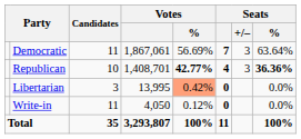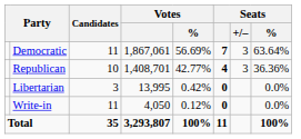 <table class="wikitable" style="font-size:100%; text-align:right;">
 <tr>
 <th colspan="2" rowspan="2">Party</th>
 <th rowspan="2"><small>Candi</small><small>dates</small></th>
 <th colspan="2">Votes</th>
 <th colspan="3">Seats</th>
 </tr>
 <tr>
 <th></th>
 <th>%</th>
 <th></th>
 <th>+/–</th>
 <th>%</th>
 </tr>
 <tr>
 <td style="background:"></td>
 <td align="left"><a href='#'>Democratic</a></td>
 <td>11</td>
 <td>1,867,061</td>
 <td>56.69%</td>
 <td><strong>7</strong></td>
 <td>3</td>
 <td>63.64%</td>
 </tr>
 <tr>
 <td style="background:"></td>
 <td align="left"><a href='#'>Republican</a></td>
 <td>10</td>
 <td>1,408,701</td>
-<td><strong>42.77%</strong></td>
+<td>42.77%</td>
 <td><strong>4</strong></td>
 <td>3</td>
-<td><strong>36.36%</strong></td>
+<td>36.36%</td>
 </tr>
 <tr>
 <td style="background:"></td>
 <td align="left"><a href='#'>Libertarian</a></td>
 <td>3</td>
 <td>13,995</td>
-<td style="background: lightsalmon;">0.42%</td>
+<td>0.42%</td>
 <td><strong>0</strong></td>
 <td></td>
 <td>0.0%</td>
 </tr>
 <tr>
 <td style="background:"></td>
 <td align="left"><a href='#'>Write-in</a></td>
 <td>11</td>
 <td>4,050</td>
 <td>0.12%</td>
 <td><strong>0</strong></td>
 <td></td>
 <td>0.0%</td>
 </tr>
 <tr style="font-weight:bold">
 <td colspan="2" align="left">Total</td>
 <td>35</td>
 <td>3,293,807</td>
 <td>100%</td>
 <td>11</td>
 <td></td>
 <td>100%</td>
 </tr>
 </table>
